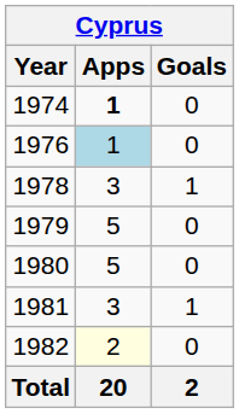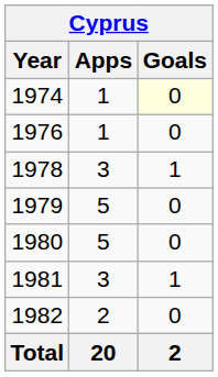 <table class="wikitable" style="text-align:center">
 <tr>
 <th colspan=3><a href='#'>Cyprus</a></th>
 </tr>
 <tr>
 <th>Year</th>
 <th>Apps</th>
 <th>Goals</th>
 </tr>
 <tr>
 <td>1974</td>
-<td><strong>1</strong></td>
-<td>0</td>
+<td>1</td>
+<td style="background: lightyellow;">0</td>
 </tr>
 <tr>
 <td>1976</td>
-<td style="background: lightblue;">1</td>
+<td>1</td>
 <td>0</td>
 </tr>
 <tr>
 <td>1978</td>
 <td>3</td>
 <td>1</td>
 </tr>
 <tr>
 <td>1979</td>
 <td>5</td>
 <td>0</td>
 </tr>
 <tr>
 <td>1980</td>
 <td>5</td>
 <td>0</td>
 </tr>
 <tr>
 <td>1981</td>
 <td>3</td>
 <td>1</td>
 </tr>
 <tr>
 <td>1982</td>
-<td style="background: lightyellow;">2</td>
+<td>2</td>
 <td>0</td>
 </tr>
 <tr>
 <th>Total</th>
 <th>20</th>
 <th>2</th>
 </tr>
 </table>
